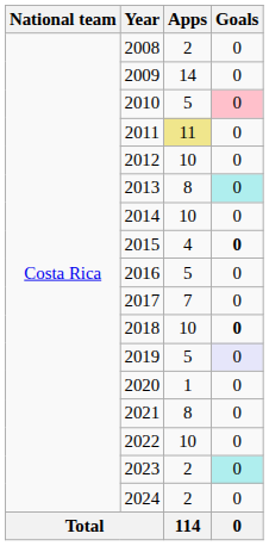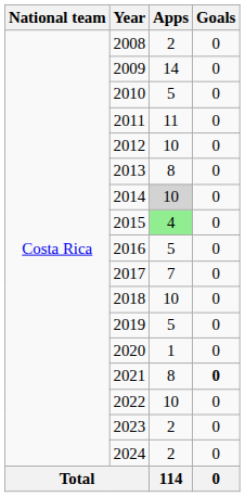 <table class="wikitable" style="text-align:center">
 <tr>
 <th>National team</th>
 <th>Year</th>
 <th>Apps</th>
 <th>Goals</th>
 </tr>
 <tr>
 <td rowspan="17"><a href='#'>Costa Rica</a></td>
 <td>2008</td>
 <td>2</td>
 <td>0</td>
 </tr>
 <tr>
 <td>2009</td>
 <td>14</td>
 <td>0</td>
 </tr>
 <tr>
 <td>2010</td>
 <td>5</td>
-<td style="background: pink;">0</td>
+<td>0</td>
 </tr>
 <tr>
 <td>2011</td>
-<td style="background: khaki;">11</td>
+<td>11</td>
 <td>0</td>
 </tr>
 <tr>
 <td>2012</td>
 <td>10</td>
 <td>0</td>
 </tr>
 <tr>
 <td>2013</td>
 <td>8</td>
-<td style="background: paleturquoise;">0</td>
+<td>0</td>
 </tr>
 <tr>
 <td>2014</td>
-<td>10</td>
+<td style="background: lightgrey;">10</td>
 <td>0</td>
 </tr>
 <tr>
 <td>2015</td>
-<td>4</td>
-<td><strong>0</strong></td>
+<td style="background: lightgreen;">4</td>
+<td>0</td>
 </tr>
 <tr>
 <td>2016</td>
 <td>5</td>
 <td>0</td>
 </tr>
 <tr>
 <td>2017</td>
 <td>7</td>
 <td>0</td>
 </tr>
 <tr>
 <td>2018</td>
 <td>10</td>
-<td><strong>0</strong></td>
+<td>0</td>
 </tr>
 <tr>
 <td>2019</td>
 <td>5</td>
-<td style="background: lavender;">0</td>
+<td>0</td>
 </tr>
 <tr>
 <td>2020</td>
 <td>1</td>
 <td>0</td>
 </tr>
 <tr>
 <td>2021</td>
 <td>8</td>
-<td>0</td>
+<td><strong>0</strong></td>
 </tr>
 <tr>
 <td>2022</td>
 <td>10</td>
 <td>0</td>
 </tr>
 <tr>
 <td>2023</td>
 <td>2</td>
-<td style="background: paleturquoise;">0</td>
+<td>0</td>
 </tr>
 <tr>
 <td>2024</td>
 <td>2</td>
 <td>0</td>
 </tr>
 <tr>
 <th colspan="2">Total</th>
 <th>114</th>
 <th>0</th>
 </tr>
 </table>
